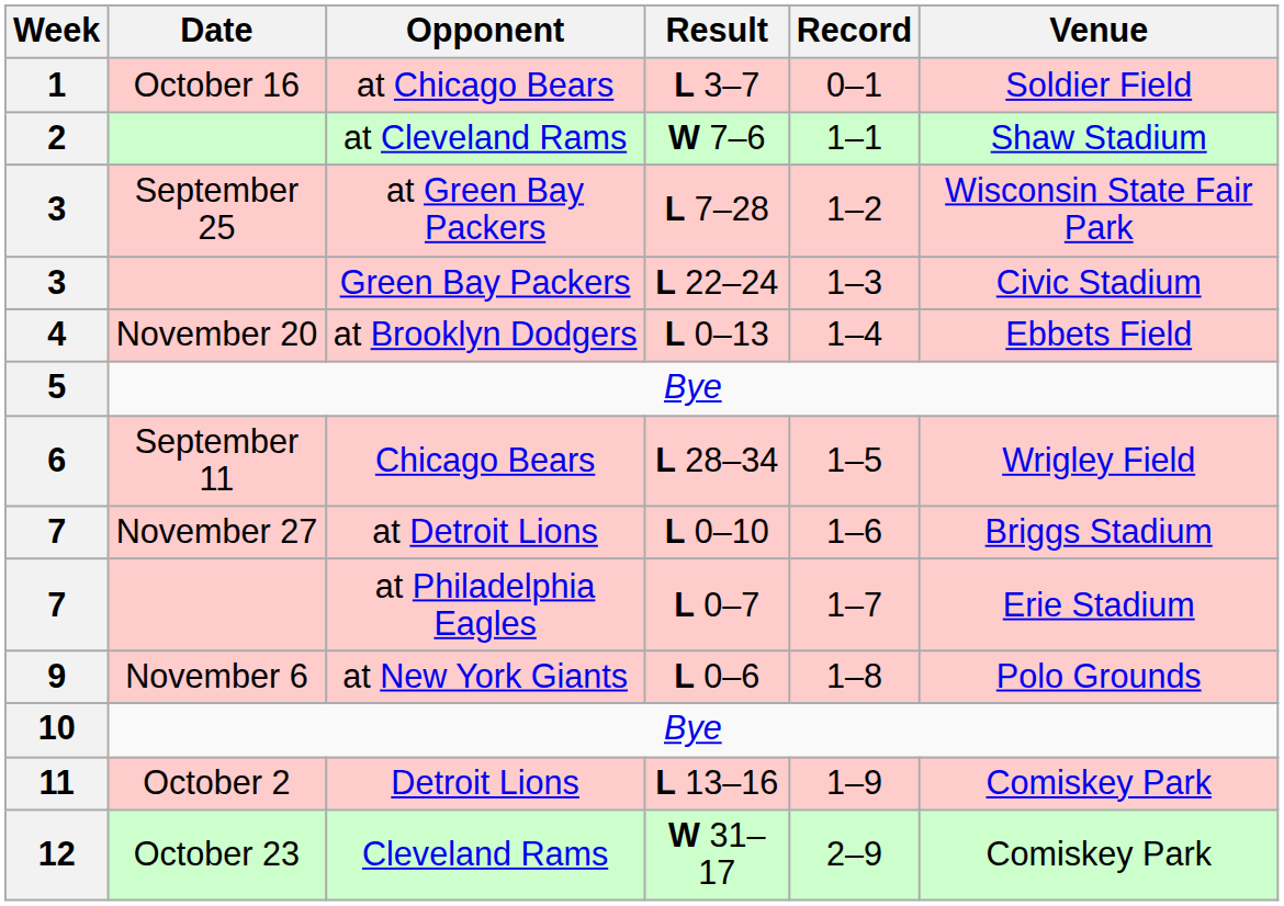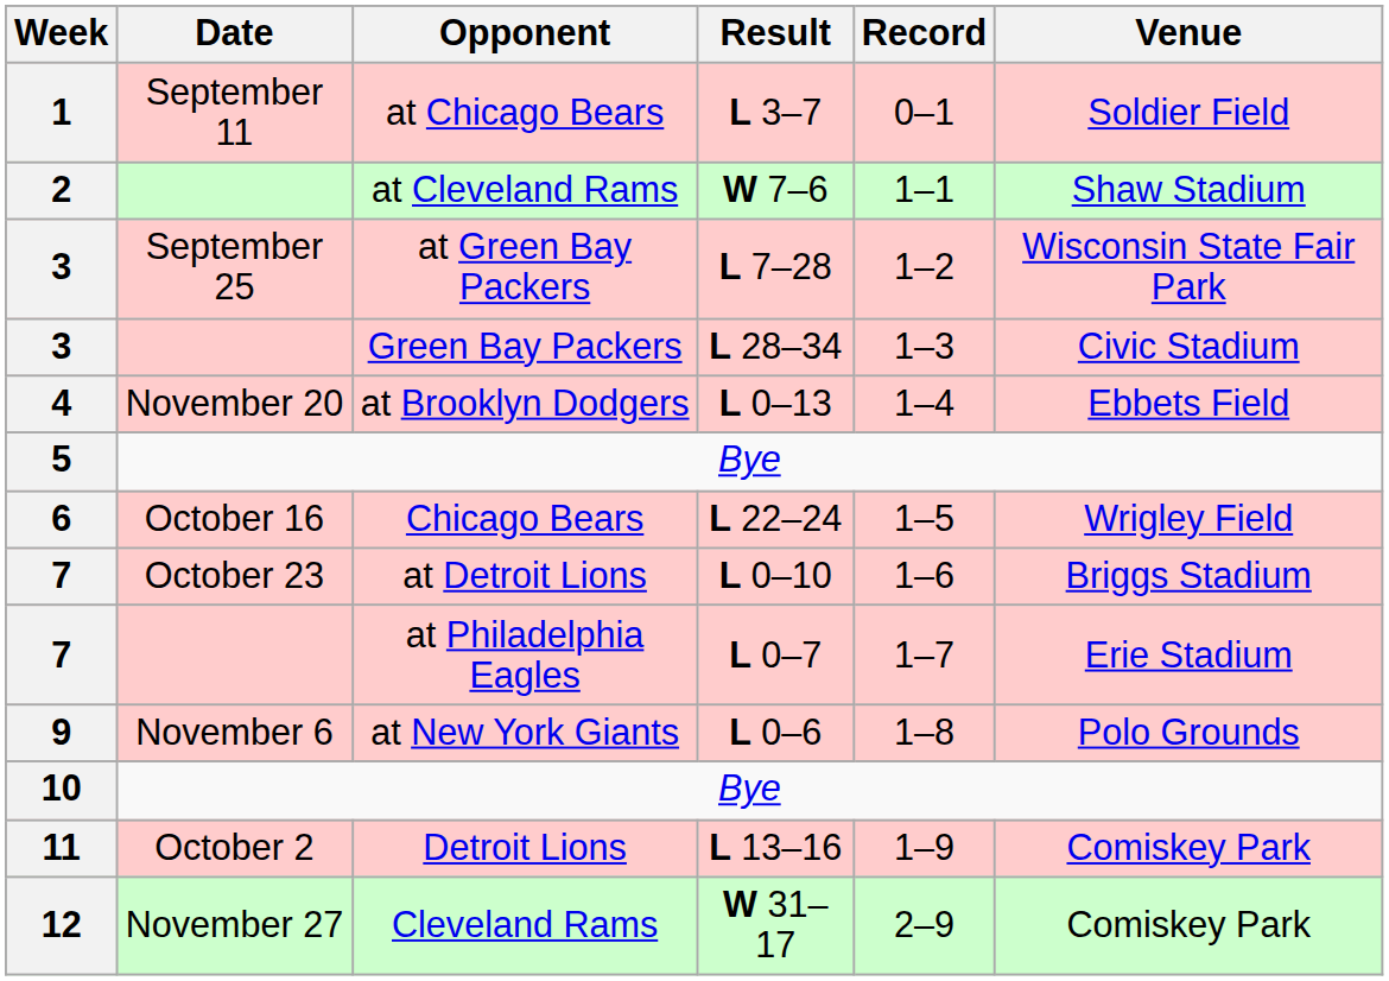 <table class="wikitable" style="text-align:center">
 <tr>
 <th>Week</th>
 <th>Date</th>
 <th>Opponent</th>
 <th>Result</th>
 <th>Record</th>
 <th>Venue</th>
 </tr>
 <tr style="background:#fcc">
 <th>1</th>
-<td>October 16</td>
+<td>September 11</td>
 <td>at <a href='#'>Chicago Bears</a></td>
 <td><strong>L</strong> 3–7</td>
 <td>0–1</td>
 <td><a href='#'>Soldier Field</a></td>
 </tr>
 <tr style="background:#cfc">
 <th>2</th>
 <td></td>
 <td>at <a href='#'>Cleveland Rams</a></td>
 <td><strong>W</strong> 7–6</td>
 <td>1–1</td>
 <td><a href='#'>Shaw Stadium</a></td>
 </tr>
 <tr style="background:#fcc">
 <th>3</th>
 <td>September 25</td>
 <td>at <a href='#'>Green Bay Packers</a></td>
 <td><strong>L</strong> 7–28</td>
 <td>1–2</td>
 <td><a href='#'>Wisconsin State Fair Park</a></td>
 </tr>
 <tr style="background:#fcc">
 <th>3</th>
 <td></td>
 <td><a href='#'>Green Bay Packers</a></td>
-<td><strong>L</strong> 22–24</td>
+<td><strong>L</strong> 28–34</td>
 <td>1–3</td>
 <td><a href='#'>Civic Stadium</a></td>
 </tr>
 <tr style="background:#fcc">
 <th>4</th>
 <td>November 20</td>
 <td>at <a href='#'>Brooklyn Dodgers</a></td>
 <td><strong>L</strong> 0–13</td>
 <td>1–4</td>
 <td><a href='#'>Ebbets Field</a></td>
 </tr>
 <tr>
 <th>5</th>
 <td colspan=7><em><a href='#'>Bye</a></em></td>
 </tr>
 <tr style="background:#fcc">
 <th>6</th>
-<td>September 11</td>
+<td>October 16</td>
 <td><a href='#'>Chicago Bears</a></td>
-<td><strong>L</strong> 28–34</td>
+<td><strong>L</strong> 22–24</td>
 <td>1–5</td>
 <td><a href='#'>Wrigley Field</a></td>
 </tr>
 <tr style="background:#fcc">
 <th>7</th>
-<td>November 27</td>
+<td>October 23</td>
 <td>at <a href='#'>Detroit Lions</a></td>
 <td><strong>L</strong> 0–10</td>
 <td>1–6</td>
 <td><a href='#'>Briggs Stadium</a></td>
 </tr>
 <tr style="background:#fcc">
 <th>7</th>
 <td></td>
 <td>at <a href='#'>Philadelphia Eagles</a></td>
 <td><strong>L</strong> 0–7</td>
 <td>1–7</td>
 <td><a href='#'>Erie Stadium</a></td>
 </tr>
 <tr style="background:#fcc">
 <th>9</th>
 <td>November 6</td>
 <td>at <a href='#'>New York Giants</a></td>
 <td><strong>L</strong> 0–6</td>
 <td>1–8</td>
 <td><a href='#'>Polo Grounds</a></td>
 </tr>
 <tr>
 <th>10</th>
 <td colspan=7><em><a href='#'>Bye</a></em></td>
 </tr>
 <tr style="background:#fcc">
 <th>11</th>
 <td>October 2</td>
 <td><a href='#'>Detroit Lions</a></td>
 <td><strong>L</strong> 13–16</td>
 <td>1–9</td>
 <td><a href='#'>Comiskey Park</a></td>
 </tr>
 <tr style="background:#cfc">
 <th>12</th>
-<td>October 23</td>
+<td>November 27</td>
 <td><a href='#'>Cleveland Rams</a></td>
 <td><strong>W</strong> 31–17</td>
 <td>2–9</td>
 <td>Comiskey Park</td>
 </tr>
 </table>
